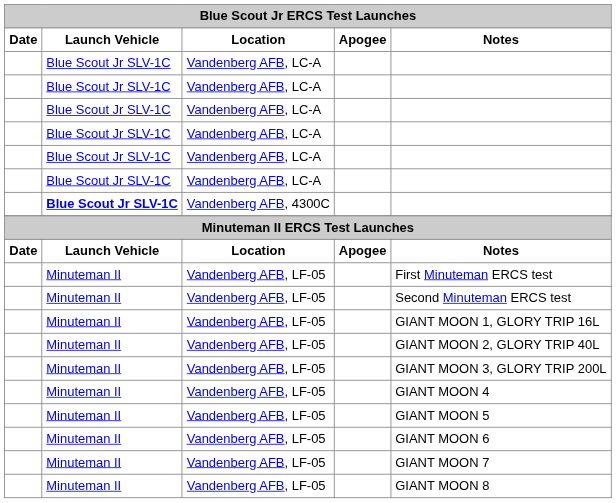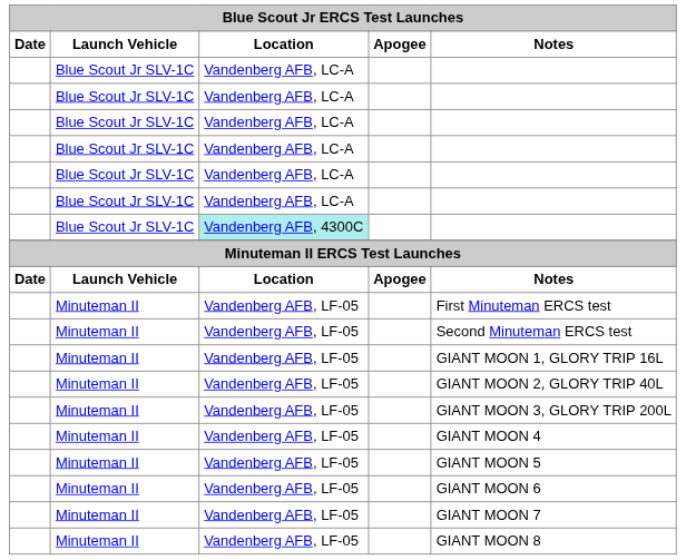 <table border=1 style="border-collapse: collapse;" align=center cellpadding=5px>
 <tr bgcolor=cccccc>
 <td colspan="6"  align="center"><strong>Blue Scout Jr ERCS Test Launches</strong></td>
 </tr>
 <tr>
 <th>Date</th>
 <th>Launch Vehicle</th>
 <th>Location</th>
 <th>Apogee</th>
 <th>Notes</th>
 </tr>
 <tr>
 <td></td>
 <td><a href='#'>Blue Scout Jr SLV-1C</a></td>
 <td><a href='#'>Vandenberg AFB</a>, LC-A</td>
 <td></td>
 <td></td>
 </tr>
 <tr>
 <td></td>
 <td><a href='#'>Blue Scout Jr SLV-1C</a></td>
 <td><a href='#'>Vandenberg AFB</a>, LC-A</td>
 <td></td>
 <td></td>
 </tr>
 <tr>
 <td></td>
 <td><a href='#'>Blue Scout Jr SLV-1C</a></td>
 <td><a href='#'>Vandenberg AFB</a>, LC-A</td>
 <td></td>
 <td></td>
 </tr>
 <tr>
 <td></td>
 <td><a href='#'>Blue Scout Jr SLV-1C</a></td>
 <td><a href='#'>Vandenberg AFB</a>, LC-A</td>
 <td></td>
 <td></td>
 </tr>
 <tr>
 <td></td>
 <td><a href='#'>Blue Scout Jr SLV-1C</a></td>
 <td><a href='#'>Vandenberg AFB</a>, LC-A</td>
 <td></td>
 <td></td>
 </tr>
 <tr>
 <td></td>
 <td><a href='#'>Blue Scout Jr SLV-1C</a></td>
 <td><a href='#'>Vandenberg AFB</a>, LC-A</td>
 <td></td>
 <td></td>
 </tr>
 <tr>
 <td></td>
-<td><strong><a href='#'>Blue Scout Jr SLV-1C</a></strong></td>
-<td><a href='#'>Vandenberg AFB</a>, 4300C</td>
+<td><a href='#'>Blue Scout Jr SLV-1C</a></td>
+<td style="background: paleturquoise;"><a href='#'>Vandenberg AFB</a>, 4300C</td>
 <td></td>
 <td></td>
 </tr>
 <tr>
 </tr>
 <tr bgcolor=cccccc>
 <td colspan="6"  align="center"><strong>Minuteman II ERCS Test Launches</strong></td>
 </tr>
 <tr>
 <th>Date</th>
 <th>Launch Vehicle</th>
 <th>Location</th>
 <th>Apogee</th>
 <th>Notes</th>
 </tr>
 <tr>
 <td></td>
 <td><a href='#'>Minuteman II</a></td>
 <td><a href='#'>Vandenberg AFB</a>, LF-05</td>
 <td></td>
 <td>First <a href='#'>Minuteman</a> ERCS test</td>
 </tr>
 <tr>
 <td></td>
 <td><a href='#'>Minuteman II</a></td>
 <td><a href='#'>Vandenberg AFB</a>, LF-05</td>
 <td></td>
 <td>Second <a href='#'>Minuteman</a> ERCS test</td>
 </tr>
 <tr>
 <td></td>
 <td><a href='#'>Minuteman II</a></td>
 <td><a href='#'>Vandenberg AFB</a>, LF-05</td>
 <td></td>
 <td>GIANT MOON 1, GLORY TRIP 16L</td>
 </tr>
 <tr>
 <td></td>
 <td><a href='#'>Minuteman II</a></td>
 <td><a href='#'>Vandenberg AFB</a>, LF-05</td>
 <td></td>
 <td>GIANT MOON 2, GLORY TRIP 40L</td>
 </tr>
 <tr>
 <td></td>
 <td><a href='#'>Minuteman II</a></td>
 <td><a href='#'>Vandenberg AFB</a>, LF-05</td>
 <td></td>
 <td>GIANT MOON 3, GLORY TRIP 200L</td>
 </tr>
 <tr>
 <td></td>
 <td><a href='#'>Minuteman II</a></td>
 <td><a href='#'>Vandenberg AFB</a>, LF-05</td>
 <td></td>
 <td>GIANT MOON 4</td>
 </tr>
 <tr>
 <td></td>
 <td><a href='#'>Minuteman II</a></td>
 <td><a href='#'>Vandenberg AFB</a>, LF-05</td>
 <td></td>
 <td>GIANT MOON 5</td>
 </tr>
 <tr>
 <td></td>
 <td><a href='#'>Minuteman II</a></td>
 <td><a href='#'>Vandenberg AFB</a>, LF-05</td>
 <td></td>
 <td>GIANT MOON 6</td>
 </tr>
 <tr>
 <td></td>
 <td><a href='#'>Minuteman II</a></td>
 <td><a href='#'>Vandenberg AFB</a>, LF-05</td>
 <td></td>
 <td>GIANT MOON 7</td>
 </tr>
 <tr>
 <td></td>
 <td><a href='#'>Minuteman II</a></td>
 <td><a href='#'>Vandenberg AFB</a>, LF-05</td>
 <td></td>
 <td>GIANT MOON 8</td>
 </tr>
 </table>
